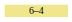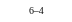 <table style="text-align:center">
 <tr>
 <th width=200></th>
 <th width=100></th>
 <th width=200></th>
 </tr>
 <tr>
 <td align=right><strong></strong></td>
-<td style="background: khaki;">6–4</td>
+<td>6–4</td>
 <td align=left></td>
 </tr>
 </table>
